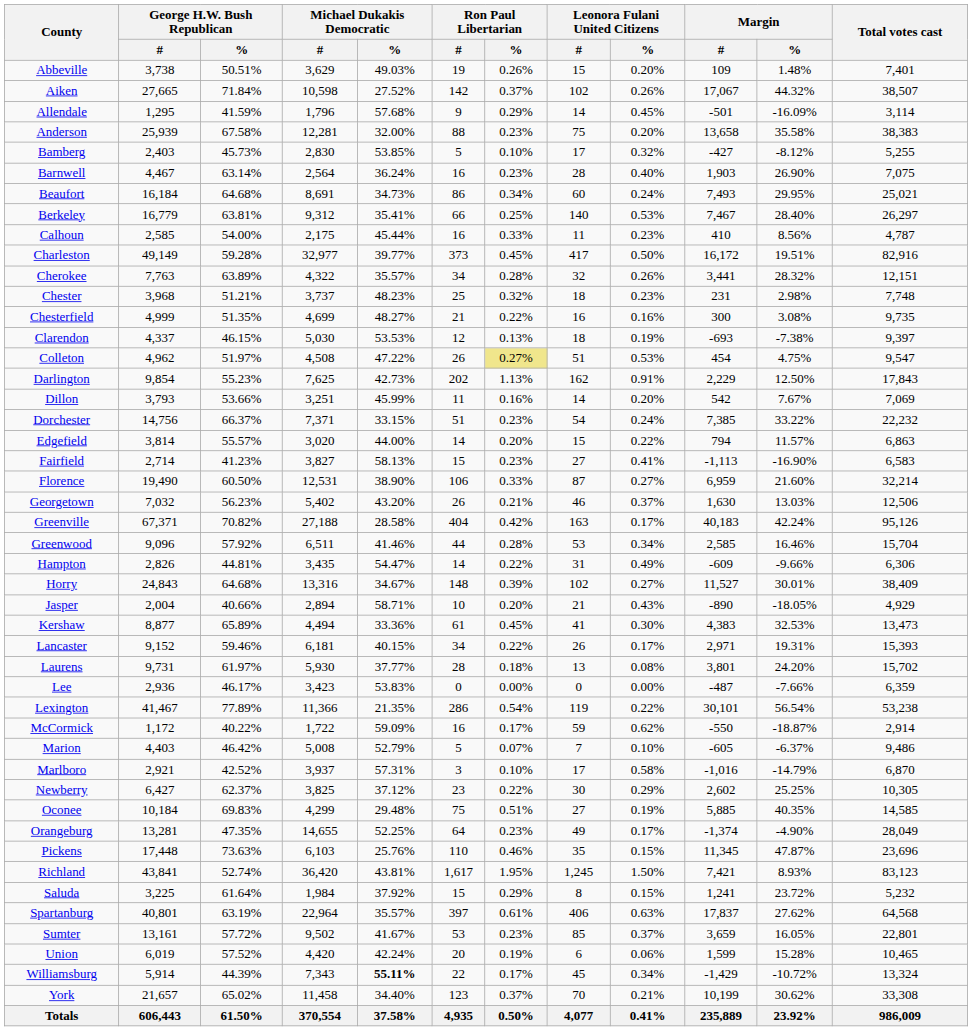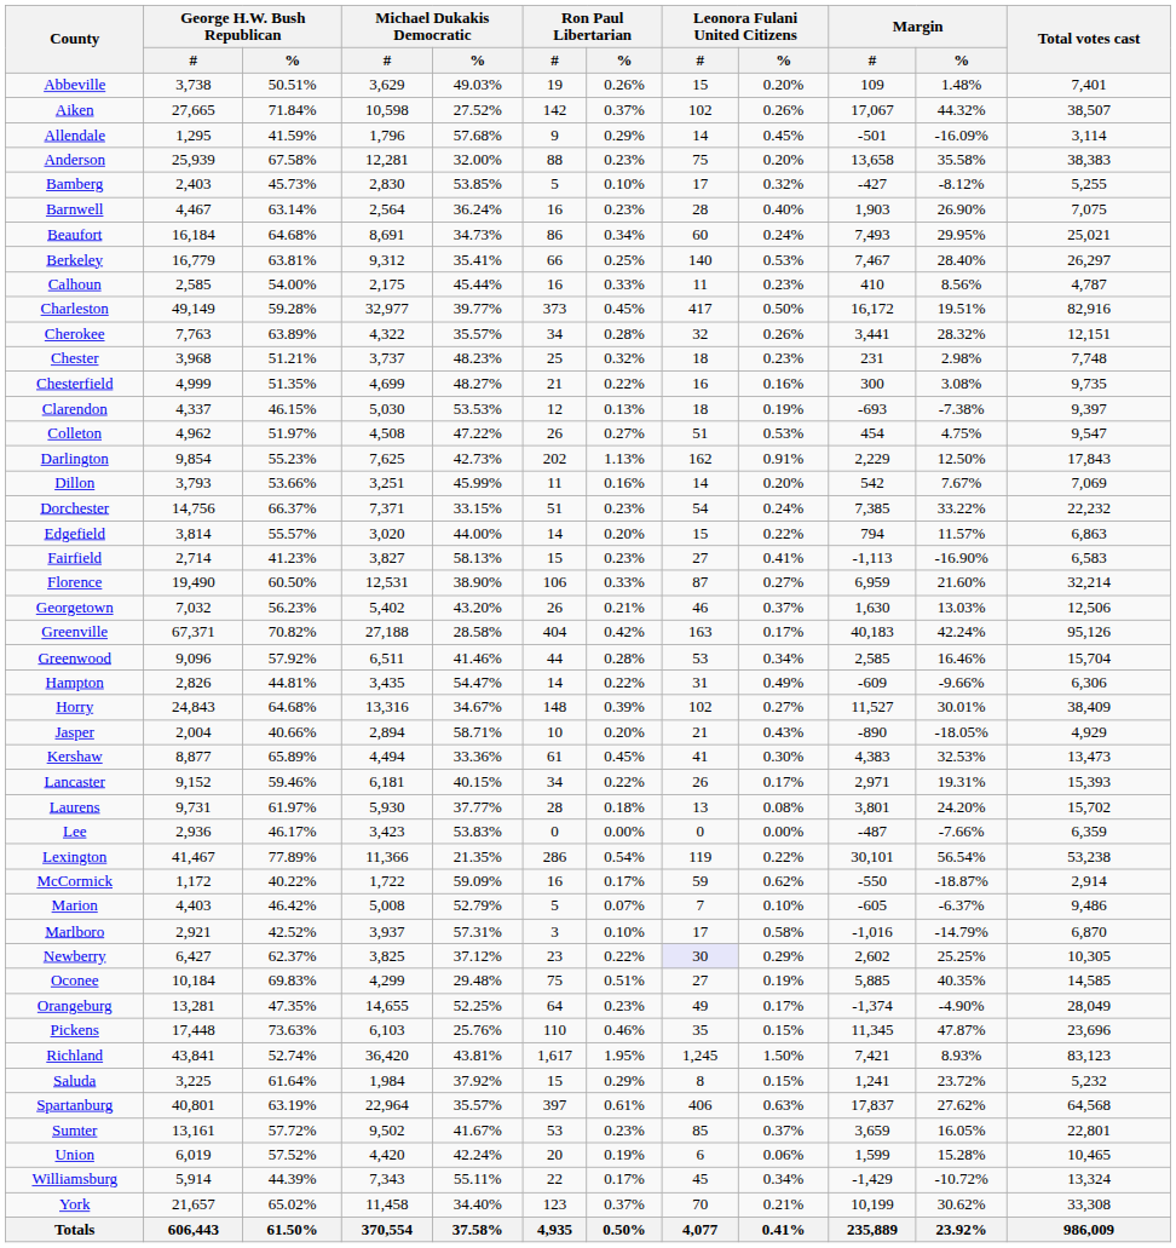 <table width="60%" class="wikitable sortable">
 <tr>
 <th rowspan="2">County</th>
 <th colspan="2">George H.W. Bush<br>Republican</th>
 <th colspan="2">Michael Dukakis<br>Democratic</th>
 <th colspan="2">Ron Paul<br>Libertarian</th>
 <th colspan="2">Leonora Fulani<br>United Citizens</th>
 <th colspan="2">Margin</th>
 <th rowspan="2" data-sort-type="number">Total votes cast</th>
 </tr>
 <tr>
 <th style="text-align:center;" data-sort-type="number">#</th>
 <th style="text-align:center;" data-sort-type="number">%</th>
 <th style="text-align:center;" data-sort-type="number">#</th>
 <th style="text-align:center;" data-sort-type="number">%</th>
 <th style="text-align:center;" data-sort-type="number">#</th>
 <th style="text-align:center;" data-sort-type="number">%</th>
 <th style="text-align:center;" data-sort-type="number">#</th>
 <th style="text-align:center;" data-sort-type="number">%</th>
 <th style="text-align:center;" data-sort-type="number">#</th>
 <th style="text-align:center;" data-sort-type="number">%</th>
 </tr>
 <tr style="text-align:center;">
 <td><a href='#'>Abbeville</a></td>
 <td>3,738</td>
 <td>50.51%</td>
 <td>3,629</td>
 <td>49.03%</td>
 <td>19</td>
 <td>0.26%</td>
 <td>15</td>
 <td>0.20%</td>
 <td>109</td>
 <td>1.48%</td>
 <td>7,401</td>
 </tr>
 <tr style="text-align:center;">
 <td><a href='#'>Aiken</a></td>
 <td>27,665</td>
 <td>71.84%</td>
 <td>10,598</td>
 <td>27.52%</td>
 <td>142</td>
 <td>0.37%</td>
 <td>102</td>
 <td>0.26%</td>
 <td>17,067</td>
 <td>44.32%</td>
 <td>38,507</td>
 </tr>
 <tr style="text-align:center;">
 <td><a href='#'>Allendale</a></td>
 <td>1,295</td>
 <td>41.59%</td>
 <td>1,796</td>
 <td>57.68%</td>
 <td>9</td>
 <td>0.29%</td>
 <td>14</td>
 <td>0.45%</td>
 <td>-501</td>
 <td>-16.09%</td>
 <td>3,114</td>
 </tr>
 <tr style="text-align:center;">
 <td><a href='#'>Anderson</a></td>
 <td>25,939</td>
 <td>67.58%</td>
 <td>12,281</td>
 <td>32.00%</td>
 <td>88</td>
 <td>0.23%</td>
 <td>75</td>
 <td>0.20%</td>
 <td>13,658</td>
 <td>35.58%</td>
 <td>38,383</td>
 </tr>
 <tr style="text-align:center;">
 <td><a href='#'>Bamberg</a></td>
 <td>2,403</td>
 <td>45.73%</td>
 <td>2,830</td>
 <td>53.85%</td>
 <td>5</td>
 <td>0.10%</td>
 <td>17</td>
 <td>0.32%</td>
 <td>-427</td>
 <td>-8.12%</td>
 <td>5,255</td>
 </tr>
 <tr style="text-align:center;">
 <td><a href='#'>Barnwell</a></td>
 <td>4,467</td>
 <td>63.14%</td>
 <td>2,564</td>
 <td>36.24%</td>
 <td>16</td>
 <td>0.23%</td>
 <td>28</td>
 <td>0.40%</td>
 <td>1,903</td>
 <td>26.90%</td>
 <td>7,075</td>
 </tr>
 <tr style="text-align:center;">
 <td><a href='#'>Beaufort</a></td>
 <td>16,184</td>
 <td>64.68%</td>
 <td>8,691</td>
 <td>34.73%</td>
 <td>86</td>
 <td>0.34%</td>
 <td>60</td>
 <td>0.24%</td>
 <td>7,493</td>
 <td>29.95%</td>
 <td>25,021</td>
 </tr>
 <tr style="text-align:center;">
 <td><a href='#'>Berkeley</a></td>
 <td>16,779</td>
 <td>63.81%</td>
 <td>9,312</td>
 <td>35.41%</td>
 <td>66</td>
 <td>0.25%</td>
 <td>140</td>
 <td>0.53%</td>
 <td>7,467</td>
 <td>28.40%</td>
 <td>26,297</td>
 </tr>
 <tr style="text-align:center;">
 <td><a href='#'>Calhoun</a></td>
 <td>2,585</td>
 <td>54.00%</td>
 <td>2,175</td>
 <td>45.44%</td>
 <td>16</td>
 <td>0.33%</td>
 <td>11</td>
 <td>0.23%</td>
 <td>410</td>
 <td>8.56%</td>
 <td>4,787</td>
 </tr>
 <tr style="text-align:center;">
 <td><a href='#'>Charleston</a></td>
 <td>49,149</td>
 <td>59.28%</td>
 <td>32,977</td>
 <td>39.77%</td>
 <td>373</td>
 <td>0.45%</td>
 <td>417</td>
 <td>0.50%</td>
 <td>16,172</td>
 <td>19.51%</td>
 <td>82,916</td>
 </tr>
 <tr style="text-align:center;">
 <td><a href='#'>Cherokee</a></td>
 <td>7,763</td>
 <td>63.89%</td>
 <td>4,322</td>
 <td>35.57%</td>
 <td>34</td>
 <td>0.28%</td>
 <td>32</td>
 <td>0.26%</td>
 <td>3,441</td>
 <td>28.32%</td>
 <td>12,151</td>
 </tr>
 <tr style="text-align:center;">
 <td><a href='#'>Chester</a></td>
 <td>3,968</td>
 <td>51.21%</td>
 <td>3,737</td>
 <td>48.23%</td>
 <td>25</td>
 <td>0.32%</td>
 <td>18</td>
 <td>0.23%</td>
 <td>231</td>
 <td>2.98%</td>
 <td>7,748</td>
 </tr>
 <tr style="text-align:center;">
 <td><a href='#'>Chesterfield</a></td>
 <td>4,999</td>
 <td>51.35%</td>
 <td>4,699</td>
 <td>48.27%</td>
 <td>21</td>
 <td>0.22%</td>
 <td>16</td>
 <td>0.16%</td>
 <td>300</td>
 <td>3.08%</td>
 <td>9,735</td>
 </tr>
 <tr style="text-align:center;">
 <td><a href='#'>Clarendon</a></td>
 <td>4,337</td>
 <td>46.15%</td>
 <td>5,030</td>
 <td>53.53%</td>
 <td>12</td>
 <td>0.13%</td>
 <td>18</td>
 <td>0.19%</td>
 <td>-693</td>
 <td>-7.38%</td>
 <td>9,397</td>
 </tr>
 <tr style="text-align:center;">
 <td><a href='#'>Colleton</a></td>
 <td>4,962</td>
 <td>51.97%</td>
 <td>4,508</td>
 <td>47.22%</td>
 <td>26</td>
-<td style="background: khaki;">0.27%</td>
+<td>0.27%</td>
 <td>51</td>
 <td>0.53%</td>
 <td>454</td>
 <td>4.75%</td>
 <td>9,547</td>
 </tr>
 <tr style="text-align:center;">
 <td><a href='#'>Darlington</a></td>
 <td>9,854</td>
 <td>55.23%</td>
 <td>7,625</td>
 <td>42.73%</td>
 <td>202</td>
 <td>1.13%</td>
 <td>162</td>
 <td>0.91%</td>
 <td>2,229</td>
 <td>12.50%</td>
 <td>17,843</td>
 </tr>
 <tr style="text-align:center;">
 <td><a href='#'>Dillon</a></td>
 <td>3,793</td>
 <td>53.66%</td>
 <td>3,251</td>
 <td>45.99%</td>
 <td>11</td>
 <td>0.16%</td>
 <td>14</td>
 <td>0.20%</td>
 <td>542</td>
 <td>7.67%</td>
 <td>7,069</td>
 </tr>
 <tr style="text-align:center;">
 <td><a href='#'>Dorchester</a></td>
 <td>14,756</td>
 <td>66.37%</td>
 <td>7,371</td>
 <td>33.15%</td>
 <td>51</td>
 <td>0.23%</td>
 <td>54</td>
 <td>0.24%</td>
 <td>7,385</td>
 <td>33.22%</td>
 <td>22,232</td>
 </tr>
 <tr style="text-align:center;">
 <td><a href='#'>Edgefield</a></td>
 <td>3,814</td>
 <td>55.57%</td>
 <td>3,020</td>
 <td>44.00%</td>
 <td>14</td>
 <td>0.20%</td>
 <td>15</td>
 <td>0.22%</td>
 <td>794</td>
 <td>11.57%</td>
 <td>6,863</td>
 </tr>
 <tr style="text-align:center;">
 <td><a href='#'>Fairfield</a></td>
 <td>2,714</td>
 <td>41.23%</td>
 <td>3,827</td>
 <td>58.13%</td>
 <td>15</td>
 <td>0.23%</td>
 <td>27</td>
 <td>0.41%</td>
 <td>-1,113</td>
 <td>-16.90%</td>
 <td>6,583</td>
 </tr>
 <tr style="text-align:center;">
 <td><a href='#'>Florence</a></td>
 <td>19,490</td>
 <td>60.50%</td>
 <td>12,531</td>
 <td>38.90%</td>
 <td>106</td>
 <td>0.33%</td>
 <td>87</td>
 <td>0.27%</td>
 <td>6,959</td>
 <td>21.60%</td>
 <td>32,214</td>
 </tr>
 <tr style="text-align:center;">
 <td><a href='#'>Georgetown</a></td>
 <td>7,032</td>
 <td>56.23%</td>
 <td>5,402</td>
 <td>43.20%</td>
 <td>26</td>
 <td>0.21%</td>
 <td>46</td>
 <td>0.37%</td>
 <td>1,630</td>
 <td>13.03%</td>
 <td>12,506</td>
 </tr>
 <tr style="text-align:center;">
 <td><a href='#'>Greenville</a></td>
 <td>67,371</td>
 <td>70.82%</td>
 <td>27,188</td>
 <td>28.58%</td>
 <td>404</td>
 <td>0.42%</td>
 <td>163</td>
 <td>0.17%</td>
 <td>40,183</td>
 <td>42.24%</td>
 <td>95,126</td>
 </tr>
 <tr style="text-align:center;">
 <td><a href='#'>Greenwood</a></td>
 <td>9,096</td>
 <td>57.92%</td>
 <td>6,511</td>
 <td>41.46%</td>
 <td>44</td>
 <td>0.28%</td>
 <td>53</td>
 <td>0.34%</td>
 <td>2,585</td>
 <td>16.46%</td>
 <td>15,704</td>
 </tr>
 <tr style="text-align:center;">
 <td><a href='#'>Hampton</a></td>
 <td>2,826</td>
 <td>44.81%</td>
 <td>3,435</td>
 <td>54.47%</td>
 <td>14</td>
 <td>0.22%</td>
 <td>31</td>
 <td>0.49%</td>
 <td>-609</td>
 <td>-9.66%</td>
 <td>6,306</td>
 </tr>
 <tr style="text-align:center;">
 <td><a href='#'>Horry</a></td>
 <td>24,843</td>
 <td>64.68%</td>
 <td>13,316</td>
 <td>34.67%</td>
 <td>148</td>
 <td>0.39%</td>
 <td>102</td>
 <td>0.27%</td>
 <td>11,527</td>
 <td>30.01%</td>
 <td>38,409</td>
 </tr>
 <tr style="text-align:center;">
 <td><a href='#'>Jasper</a></td>
 <td>2,004</td>
 <td>40.66%</td>
 <td>2,894</td>
 <td>58.71%</td>
 <td>10</td>
 <td>0.20%</td>
 <td>21</td>
 <td>0.43%</td>
 <td>-890</td>
 <td>-18.05%</td>
 <td>4,929</td>
 </tr>
 <tr style="text-align:center;">
 <td><a href='#'>Kershaw</a></td>
 <td>8,877</td>
 <td>65.89%</td>
 <td>4,494</td>
 <td>33.36%</td>
 <td>61</td>
 <td>0.45%</td>
 <td>41</td>
 <td>0.30%</td>
 <td>4,383</td>
 <td>32.53%</td>
 <td>13,473</td>
 </tr>
 <tr style="text-align:center;">
 <td><a href='#'>Lancaster</a></td>
 <td>9,152</td>
 <td>59.46%</td>
 <td>6,181</td>
 <td>40.15%</td>
 <td>34</td>
 <td>0.22%</td>
 <td>26</td>
 <td>0.17%</td>
 <td>2,971</td>
 <td>19.31%</td>
 <td>15,393</td>
 </tr>
 <tr style="text-align:center;">
 <td><a href='#'>Laurens</a></td>
 <td>9,731</td>
 <td>61.97%</td>
 <td>5,930</td>
 <td>37.77%</td>
 <td>28</td>
 <td>0.18%</td>
 <td>13</td>
 <td>0.08%</td>
 <td>3,801</td>
 <td>24.20%</td>
 <td>15,702</td>
 </tr>
 <tr style="text-align:center;">
 <td><a href='#'>Lee</a></td>
 <td>2,936</td>
 <td>46.17%</td>
 <td>3,423</td>
 <td>53.83%</td>
 <td>0</td>
 <td>0.00%</td>
 <td>0</td>
 <td>0.00%</td>
 <td>-487</td>
 <td>-7.66%</td>
 <td>6,359</td>
 </tr>
 <tr style="text-align:center;">
 <td><a href='#'>Lexington</a></td>
 <td>41,467</td>
 <td>77.89%</td>
 <td>11,366</td>
 <td>21.35%</td>
 <td>286</td>
 <td>0.54%</td>
 <td>119</td>
 <td>0.22%</td>
 <td>30,101</td>
 <td>56.54%</td>
 <td>53,238</td>
 </tr>
 <tr style="text-align:center;">
 <td><a href='#'>McCormick</a></td>
 <td>1,172</td>
 <td>40.22%</td>
 <td>1,722</td>
 <td>59.09%</td>
 <td>16</td>
 <td>0.17%</td>
 <td>59</td>
 <td>0.62%</td>
 <td>-550</td>
 <td>-18.87%</td>
 <td>2,914</td>
 </tr>
 <tr style="text-align:center;">
 <td><a href='#'>Marion</a></td>
 <td>4,403</td>
 <td>46.42%</td>
 <td>5,008</td>
 <td>52.79%</td>
 <td>5</td>
 <td>0.07%</td>
 <td>7</td>
 <td>0.10%</td>
 <td>-605</td>
 <td>-6.37%</td>
 <td>9,486</td>
 </tr>
 <tr style="text-align:center;">
 <td><a href='#'>Marlboro</a></td>
 <td>2,921</td>
 <td>42.52%</td>
 <td>3,937</td>
 <td>57.31%</td>
 <td>3</td>
 <td>0.10%</td>
 <td>17</td>
 <td>0.58%</td>
 <td>-1,016</td>
 <td>-14.79%</td>
 <td>6,870</td>
 </tr>
 <tr style="text-align:center;">
 <td><a href='#'>Newberry</a></td>
 <td>6,427</td>
 <td>62.37%</td>
 <td>3,825</td>
 <td>37.12%</td>
 <td>23</td>
 <td>0.22%</td>
-<td>30</td>
+<td style="background: lavender;">30</td>
 <td>0.29%</td>
 <td>2,602</td>
 <td>25.25%</td>
 <td>10,305</td>
 </tr>
 <tr style="text-align:center;">
 <td><a href='#'>Oconee</a></td>
 <td>10,184</td>
 <td>69.83%</td>
 <td>4,299</td>
 <td>29.48%</td>
 <td>75</td>
 <td>0.51%</td>
 <td>27</td>
 <td>0.19%</td>
 <td>5,885</td>
 <td>40.35%</td>
 <td>14,585</td>
 </tr>
 <tr style="text-align:center;">
 <td><a href='#'>Orangeburg</a></td>
 <td>13,281</td>
 <td>47.35%</td>
 <td>14,655</td>
 <td>52.25%</td>
 <td>64</td>
 <td>0.23%</td>
 <td>49</td>
 <td>0.17%</td>
 <td>-1,374</td>
 <td>-4.90%</td>
 <td>28,049</td>
 </tr>
 <tr style="text-align:center;">
 <td><a href='#'>Pickens</a></td>
 <td>17,448</td>
 <td>73.63%</td>
 <td>6,103</td>
 <td>25.76%</td>
 <td>110</td>
 <td>0.46%</td>
 <td>35</td>
 <td>0.15%</td>
 <td>11,345</td>
 <td>47.87%</td>
 <td>23,696</td>
 </tr>
 <tr style="text-align:center;">
 <td><a href='#'>Richland</a></td>
 <td>43,841</td>
 <td>52.74%</td>
 <td>36,420</td>
 <td>43.81%</td>
 <td>1,617</td>
 <td>1.95%</td>
 <td>1,245</td>
 <td>1.50%</td>
 <td>7,421</td>
 <td>8.93%</td>
 <td>83,123</td>
 </tr>
 <tr style="text-align:center;">
 <td><a href='#'>Saluda</a></td>
 <td>3,225</td>
 <td>61.64%</td>
 <td>1,984</td>
 <td>37.92%</td>
 <td>15</td>
 <td>0.29%</td>
 <td>8</td>
 <td>0.15%</td>
 <td>1,241</td>
 <td>23.72%</td>
 <td>5,232</td>
 </tr>
 <tr style="text-align:center;">
 <td><a href='#'>Spartanburg</a></td>
 <td>40,801</td>
 <td>63.19%</td>
 <td>22,964</td>
 <td>35.57%</td>
 <td>397</td>
 <td>0.61%</td>
 <td>406</td>
 <td>0.63%</td>
 <td>17,837</td>
 <td>27.62%</td>
 <td>64,568</td>
 </tr>
 <tr style="text-align:center;">
 <td><a href='#'>Sumter</a></td>
 <td>13,161</td>
 <td>57.72%</td>
 <td>9,502</td>
 <td>41.67%</td>
 <td>53</td>
 <td>0.23%</td>
 <td>85</td>
 <td>0.37%</td>
 <td>3,659</td>
 <td>16.05%</td>
 <td>22,801</td>
 </tr>
 <tr style="text-align:center;">
 <td><a href='#'>Union</a></td>
 <td>6,019</td>
 <td>57.52%</td>
 <td>4,420</td>
 <td>42.24%</td>
 <td>20</td>
 <td>0.19%</td>
 <td>6</td>
 <td>0.06%</td>
 <td>1,599</td>
 <td>15.28%</td>
 <td>10,465</td>
 </tr>
 <tr style="text-align:center;">
 <td><a href='#'>Williamsburg</a></td>
 <td>5,914</td>
 <td>44.39%</td>
 <td>7,343</td>
-<td><strong>55.11%</strong></td>
+<td>55.11%</td>
 <td>22</td>
 <td>0.17%</td>
 <td>45</td>
 <td>0.34%</td>
 <td>-1,429</td>
 <td>-10.72%</td>
 <td>13,324</td>
 </tr>
 <tr style="text-align:center;">
 <td><a href='#'>York</a></td>
 <td>21,657</td>
 <td>65.02%</td>
 <td>11,458</td>
 <td>34.40%</td>
 <td>123</td>
 <td>0.37%</td>
 <td>70</td>
 <td>0.21%</td>
 <td>10,199</td>
 <td>30.62%</td>
 <td>33,308</td>
 </tr>
 <tr style="text-align:center;">
 <th>Totals</th>
 <th>606,443</th>
 <th>61.50%</th>
 <th>370,554</th>
 <th>37.58%</th>
 <th>4,935</th>
 <th>0.50%</th>
 <th>4,077</th>
 <th>0.41%</th>
 <th>235,889</th>
 <th>23.92%</th>
 <th>986,009</th>
 </tr>
 </table>
